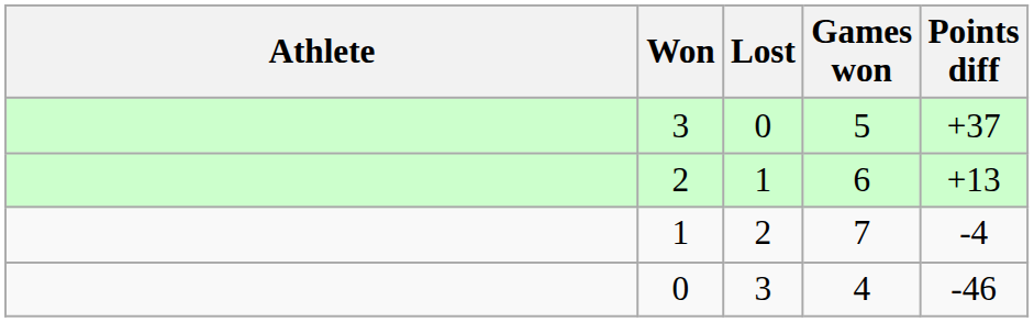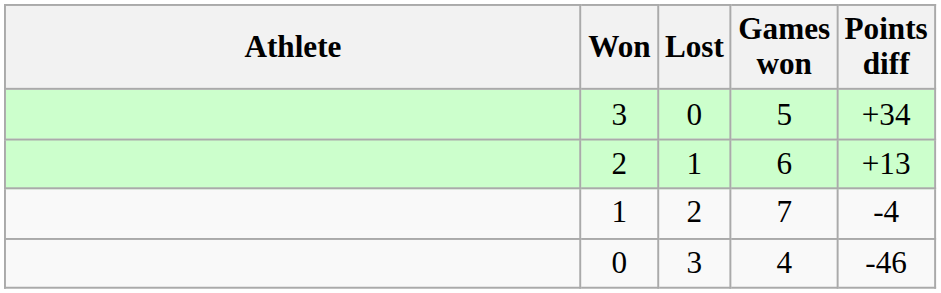 <table class="wikitable">
 <tr>
 <th style="width:18em">Athlete</th>
 <th>Won</th>
 <th>Lost</th>
 <th>Games<br>won</th>
 <th>Points<br>diff</th>
 </tr>
 <tr bgcolor="#ccffcc">
 <td></td>
 <td align="center">3</td>
 <td align="center">0</td>
 <td align="center">5</td>
-<td align="center">+37</td>
+<td align="center">+34</td>
 </tr>
 <tr bgcolor="#ccffcc">
 <td></td>
 <td align="center">2</td>
 <td align="center">1</td>
 <td align="center">6</td>
 <td align="center">+13</td>
 </tr>
 <tr>
 <td></td>
 <td align="center">1</td>
 <td align="center">2</td>
 <td align="center">7</td>
 <td align="center">-4</td>
 </tr>
 <tr>
 <td></td>
 <td align="center">0</td>
 <td align="center">3</td>
 <td align="center">4</td>
 <td align="center">-46</td>
 </tr>
 </table>
